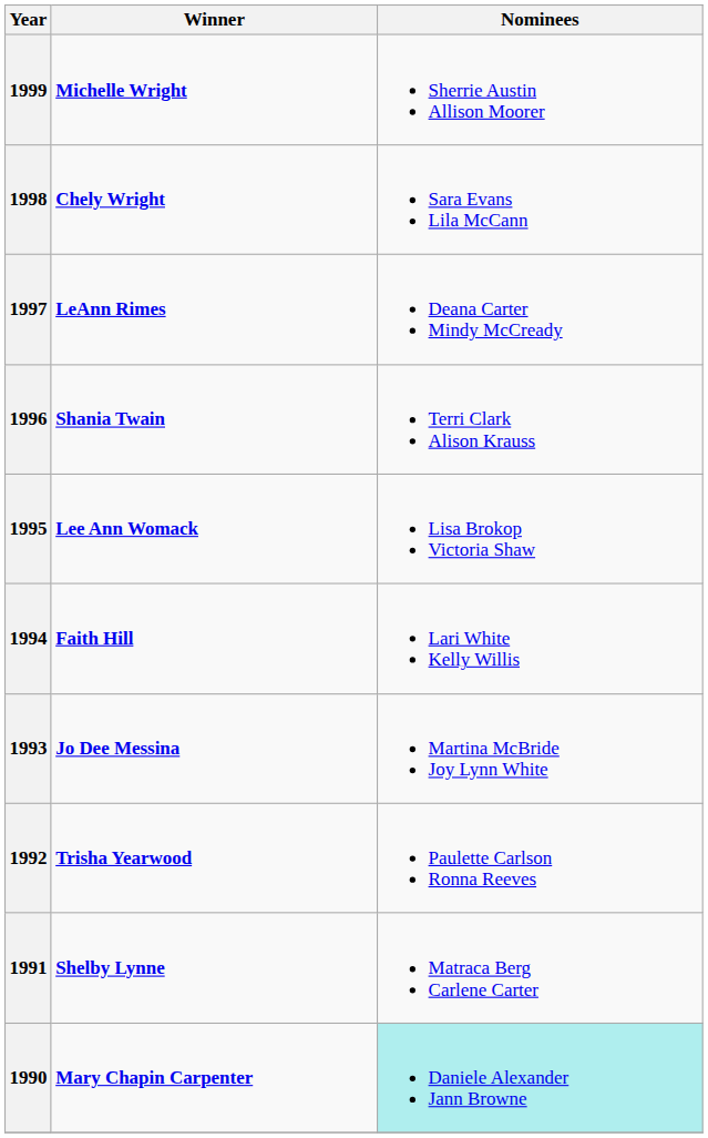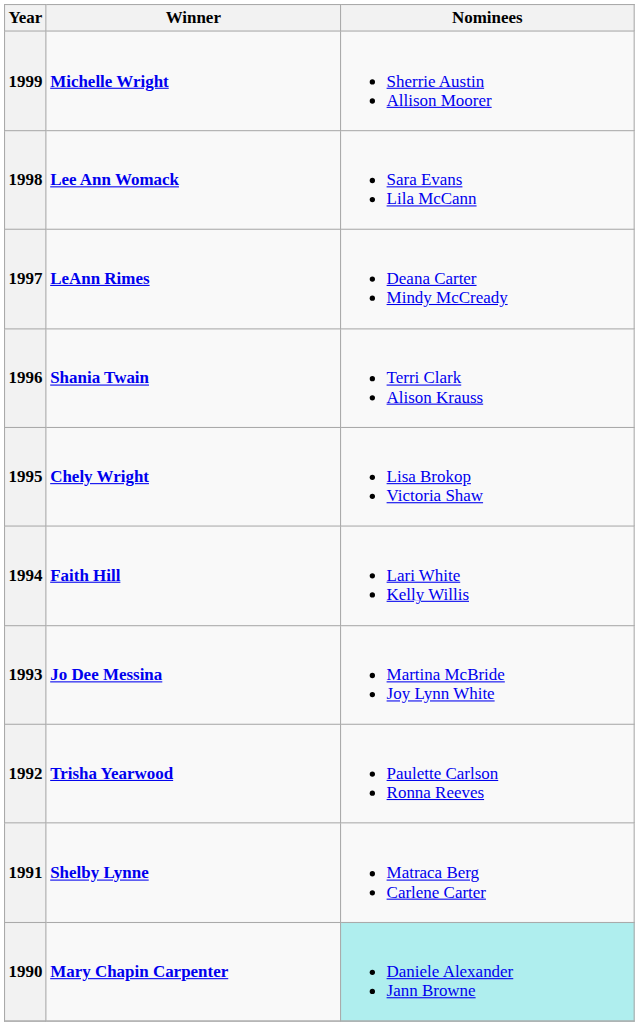 <table class="wikitable sortable">
 <tr>
 <th width="30px">Year</th>
 <th width="270px">Winner</th>
 <th width="270px">Nominees</th>
 </tr>
 <tr>
 <th>1999</th>
 <td> <strong><a href='#'>Michelle Wright</a></strong></td>
 <td><br><ul><li><a href='#'>Sherrie Austin</a></li><li><a href='#'>Allison Moorer</a></li></ul></td>
 </tr>
 <tr>
 <th>1998</th>
-<td> <strong><a href='#'>Chely Wright</a></strong></td>
+<td> <strong><a href='#'>Lee Ann Womack</a></strong></td>
 <td><br><ul><li><a href='#'>Sara Evans</a></li><li><a href='#'>Lila McCann</a></li></ul></td>
 </tr>
 <tr>
 <th>1997</th>
 <td> <strong><a href='#'>LeAnn Rimes</a></strong></td>
 <td><br><ul><li><a href='#'>Deana Carter</a></li><li><a href='#'>Mindy McCready</a></li></ul></td>
 </tr>
 <tr>
 <th>1996</th>
 <td> <strong><a href='#'>Shania Twain</a></strong></td>
 <td><br><ul><li><a href='#'>Terri Clark</a></li><li><a href='#'>Alison Krauss</a></li></ul></td>
 </tr>
 <tr>
 <th>1995</th>
-<td> <strong><a href='#'>Lee Ann Womack</a></strong></td>
+<td> <strong><a href='#'>Chely Wright</a></strong></td>
 <td><br><ul><li><a href='#'>Lisa Brokop</a></li><li><a href='#'>Victoria Shaw</a></li></ul></td>
 </tr>
 <tr>
 <th>1994</th>
 <td> <strong><a href='#'>Faith Hill</a></strong></td>
 <td><br><ul><li><a href='#'>Lari White</a></li><li><a href='#'>Kelly Willis</a></li></ul></td>
 </tr>
 <tr>
 <th>1993</th>
 <td> <strong><a href='#'>Jo Dee Messina</a></strong></td>
 <td><br><ul><li><a href='#'>Martina McBride</a></li><li><a href='#'>Joy Lynn White</a></li></ul></td>
 </tr>
 <tr>
 <th>1992</th>
 <td> <strong><a href='#'>Trisha Yearwood</a></strong></td>
 <td><br><ul><li><a href='#'>Paulette Carlson</a></li><li><a href='#'>Ronna Reeves</a></li></ul></td>
 </tr>
 <tr>
 <th>1991</th>
 <td> <strong><a href='#'>Shelby Lynne</a></strong></td>
 <td><br><ul><li><a href='#'>Matraca Berg</a></li><li><a href='#'>Carlene Carter</a></li></ul></td>
 </tr>
 <tr>
 <th>1990</th>
 <td> <strong><a href='#'>Mary Chapin Carpenter</a></strong></td>
 <td style="background: paleturquoise;"><br><ul><li><a href='#'>Daniele Alexander</a></li><li><a href='#'>Jann Browne</a></li></ul></td>
 </tr>
 <tr>
 </tr>
 </table>
